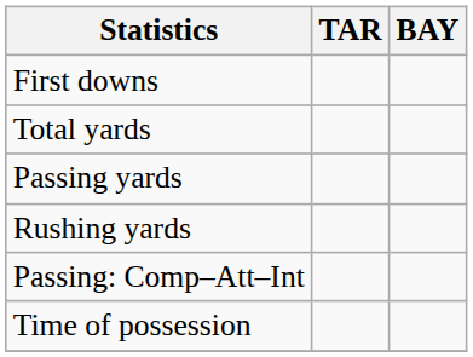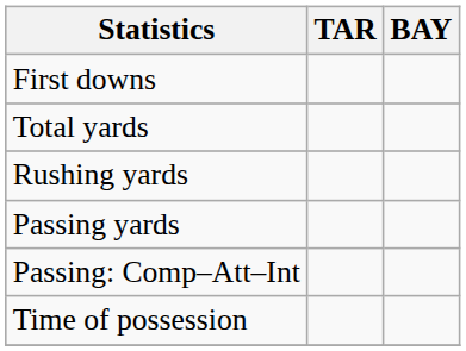 <table class="wikitable" style="float: left;">
 <tr>
 <th>Statistics</th>
 <th>TAR</th>
 <th>BAY</th>
 </tr>
 <tr>
 <td>First downs</td>
 <td></td>
 <td></td>
 </tr>
 <tr>
 <td>Total yards</td>
 <td></td>
 <td></td>
 </tr>
 <tr>
-<td>Passing yards</td>
+<td>Rushing yards</td>
 <td></td>
 <td></td>
 </tr>
 <tr>
-<td>Rushing yards</td>
+<td>Passing yards</td>
 <td></td>
 <td></td>
 </tr>
 <tr>
 <td>Passing: Comp–Att–Int</td>
 <td></td>
 <td></td>
 </tr>
 <tr>
 <td>Time of possession</td>
 <td></td>
 <td></td>
 </tr>
 <tr>
 </tr>
 </table>
